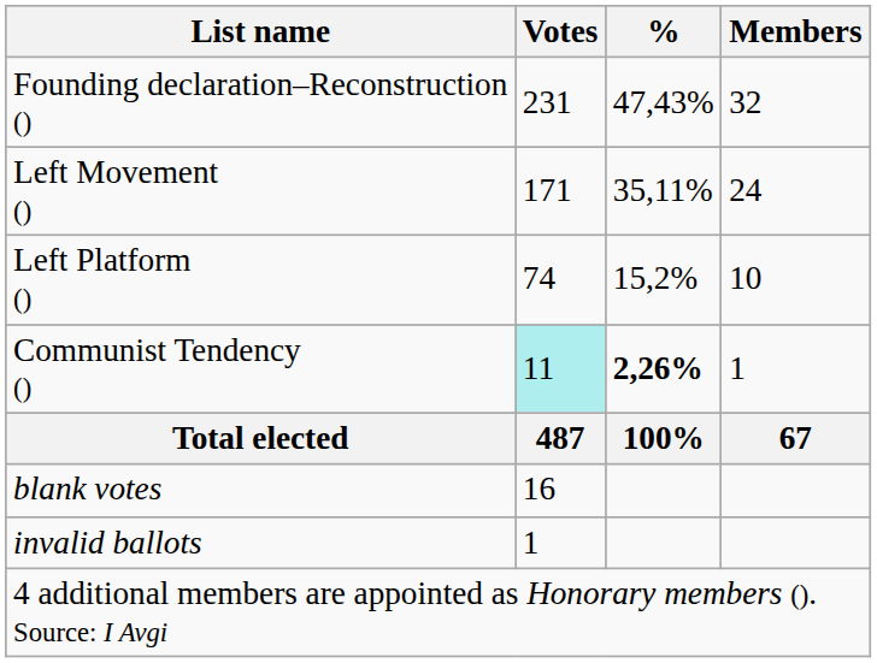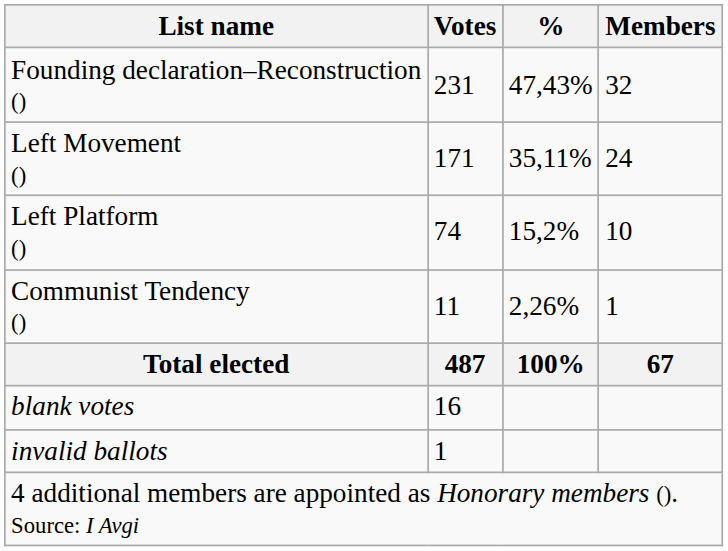 <table class=wikitable>
 <tr>
 <th>List name</th>
 <th>Votes</th>
 <th>%</th>
 <th>Members</th>
 </tr>
 <tr>
 <td>Founding declaration–Reconstruction<br><small>()</small></td>
 <td>231</td>
 <td>47,43%</td>
 <td>32</td>
 </tr>
 <tr>
 <td>Left Movement<br><small>()</small></td>
 <td>171</td>
 <td>35,11%</td>
 <td>24</td>
 </tr>
 <tr>
 <td>Left Platform<br><small>()</small></td>
 <td>74</td>
 <td>15,2%</td>
 <td>10</td>
 </tr>
 <tr>
 <td>Communist Tendency<br><small>()</small></td>
-<td style="background: paleturquoise;">11</td>
-<td><strong>2,26%</strong></td>
+<td>11</td>
+<td>2,26%</td>
 <td>1</td>
 </tr>
 <tr>
 <th>Total elected</th>
 <th>487</th>
 <th>100%</th>
 <th>67</th>
 </tr>
 <tr>
 <td><em>blank votes</em></td>
 <td>16</td>
 <td></td>
 <td></td>
 </tr>
 <tr>
 <td><em>invalid ballots</em></td>
 <td>1</td>
 <td></td>
 <td></td>
 </tr>
 <tr>
 <td colspan=4>4 additional members are appointed as <em>Honorary members</em> <small>()</small>.<br><small>Source: <em>I Avgi</em></small></td>
 </tr>
 </table>
